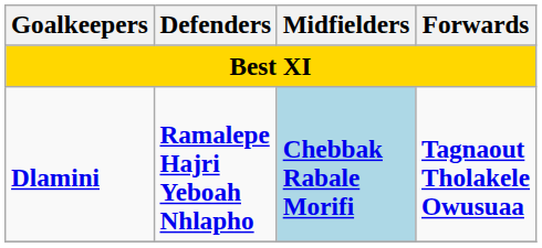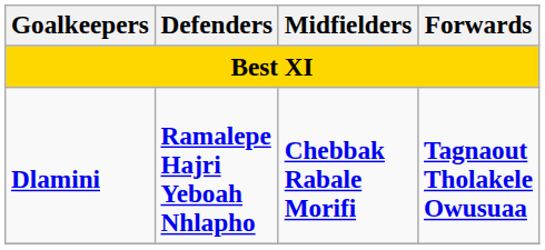 <table class="wikitable">
 <tr>
 <th>Goalkeepers</th>
 <th>Defenders</th>
 <th>Midfielders</th>
 <th>Forwards</th>
 </tr>
 <tr>
 <th colspan="4" style="background-color:gold">Best XI</th>
 </tr>
 <tr>
 <td valign=center><br> <strong><a href='#'>Dlamini</a></strong></td>
 <td valign=center><br> <strong><a href='#'>Ramalepe</a></strong><br> <strong><a href='#'>Hajri</a></strong><br> <strong><a href='#'>Yeboah</a></strong><br> <strong><a href='#'>Nhlapho</a></strong></td>
-<td valign=center style="background: lightblue;"><br> <strong><a href='#'>Chebbak</a></strong><br> <strong><a href='#'>Rabale</a></strong><br> <strong><a href='#'>Morifi</a></strong></td>
+<td valign=center><br> <strong><a href='#'>Chebbak</a></strong><br> <strong><a href='#'>Rabale</a></strong><br> <strong><a href='#'>Morifi</a></strong></td>
 <td valign=center><br> <strong><a href='#'>Tagnaout</a></strong><br> <strong><a href='#'>Tholakele</a></strong><br> <strong><a href='#'>Owusuaa</a></strong></td>
 </tr>
 <tr>
 </tr>
 </table>
